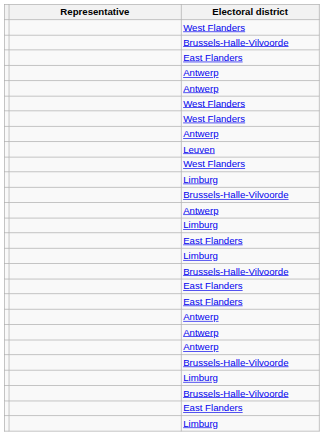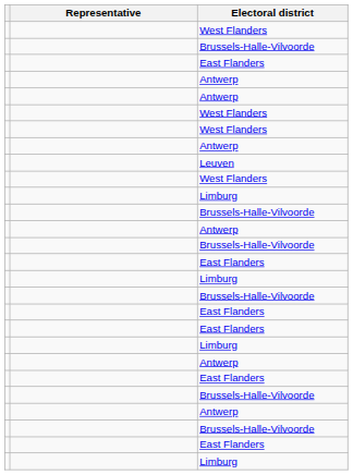 <table class="sortable wikitable" style="text-align:left; font-size:90%">
 <tr>
 <th></th>
 <th width="250">Representative</th>
 <th width="200">Electoral district</th>
 </tr>
 <tr>
 <td></td>
 <td align=left></td>
 <td><a href='#'>West Flanders</a></td>
 </tr>
 <tr>
 <td></td>
 <td align=left></td>
 <td><a href='#'>Brussels-Halle-Vilvoorde</a></td>
 </tr>
 <tr>
 <td></td>
 <td align=left></td>
 <td><a href='#'>East Flanders</a></td>
 </tr>
 <tr>
 <td></td>
 <td align=left></td>
 <td><a href='#'>Antwerp</a></td>
 </tr>
 <tr>
 <td></td>
 <td align=left></td>
 <td><a href='#'>Antwerp</a></td>
 </tr>
 <tr>
 <td></td>
 <td align=left></td>
 <td><a href='#'>West Flanders</a></td>
 </tr>
 <tr>
 <td></td>
 <td align=left></td>
 <td><a href='#'>West Flanders</a></td>
 </tr>
 <tr>
 <td></td>
 <td align=left></td>
 <td><a href='#'>Antwerp</a></td>
 </tr>
 <tr>
 <td></td>
 <td align=left></td>
 <td><a href='#'>Leuven</a></td>
 </tr>
 <tr>
 <td></td>
 <td align=left></td>
 <td><a href='#'>West Flanders</a></td>
 </tr>
 <tr>
 <td></td>
 <td align=left></td>
 <td><a href='#'>Limburg</a></td>
 </tr>
 <tr>
 <td></td>
 <td align=left></td>
 <td><a href='#'>Brussels-Halle-Vilvoorde</a></td>
 </tr>
 <tr>
 <td></td>
 <td align=left></td>
 <td><a href='#'>Antwerp</a></td>
 </tr>
 <tr>
 <td></td>
 <td align=left></td>
-<td><a href='#'>Limburg</a></td>
+<td><a href='#'>Brussels-Halle-Vilvoorde</a></td>
 </tr>
 <tr>
 <td></td>
 <td align=left></td>
 <td><a href='#'>East Flanders</a></td>
 </tr>
 <tr>
 <td></td>
 <td align=left></td>
 <td><a href='#'>Limburg</a></td>
 </tr>
 <tr>
 <td></td>
 <td align=left></td>
 <td><a href='#'>Brussels-Halle-Vilvoorde</a></td>
 </tr>
 <tr>
 <td></td>
 <td align=left></td>
 <td><a href='#'>East Flanders</a></td>
 </tr>
 <tr>
 <td></td>
 <td align=left></td>
 <td><a href='#'>East Flanders</a></td>
 </tr>
 <tr>
 <td></td>
 <td align=left></td>
-<td><a href='#'>Antwerp</a></td>
+<td><a href='#'>Limburg</a></td>
 </tr>
 <tr>
 <td></td>
 <td align=left></td>
 <td><a href='#'>Antwerp</a></td>
 </tr>
 <tr>
 <td></td>
 <td align=left></td>
-<td><a href='#'>Antwerp</a></td>
+<td><a href='#'>East Flanders</a></td>
 </tr>
 <tr>
 <td></td>
 <td align=left></td>
 <td><a href='#'>Brussels-Halle-Vilvoorde</a></td>
 </tr>
 <tr>
 <td></td>
 <td align=left></td>
-<td><a href='#'>Limburg</a></td>
+<td><a href='#'>Antwerp</a></td>
 </tr>
 <tr>
 <td></td>
 <td align=left></td>
 <td><a href='#'>Brussels-Halle-Vilvoorde</a></td>
 </tr>
 <tr>
 <td></td>
 <td align=left></td>
 <td><a href='#'>East Flanders</a></td>
 </tr>
 <tr>
 <td></td>
 <td align=left></td>
 <td><a href='#'>Limburg</a></td>
 </tr>
 </table>
